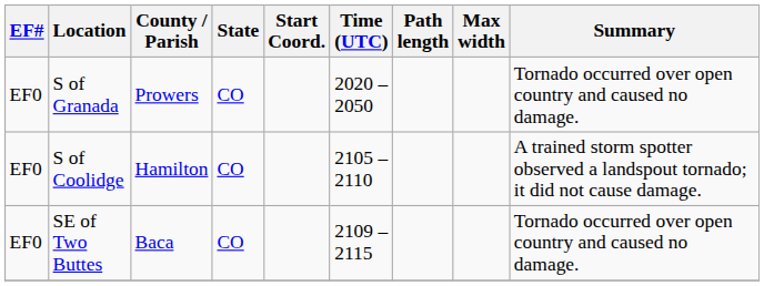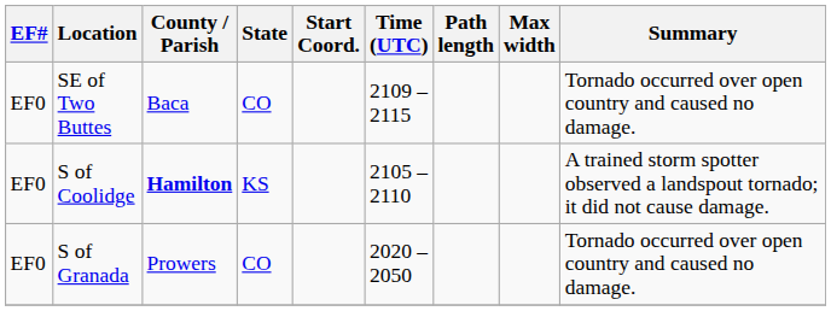 <table class="wikitable sortable" style="width:100%;">
 <tr>
 <th scope="col" width="3%" align="center"><a href='#'>EF#</a></th>
 <th scope="col" width="7%" align="center" class="unsortable">Location</th>
 <th scope="col" width="6%" align="center" class="unsortable">County / Parish</th>
 <th scope="col" width="5%" align="center">State</th>
 <th scope="col" width="6%" align="center">Start Coord.</th>
 <th scope="col" width="6%" align="center">Time (<a href='#'>UTC</a>)</th>
 <th scope="col" width="6%" align="center">Path length</th>
 <th scope="col" width="6%" align="center">Max width</th>
 <th scope="col" width="48%" class="unsortable" align="center">Summary</th>
 </tr>
 <tr>
 <td>EF0</td>
+<td>SE of <a href='#'>Two Buttes</a></td>
+<td><a href='#'>Baca</a></td>
+<td><a href='#'>CO</a></td>
+<td></td>
+<td>2109 – 2115</td>
+<td></td>
+<td></td>
+<td>Tornado occurred over open country and caused no damage.</td>
+</tr>
+<tr>
+<td>EF0</td>
+<td>S of <a href='#'>Coolidge</a></td>
+<td><strong><a href='#'>Hamilton</a></strong></td>
+<td><a href='#'>KS</a></td>
+<td></td>
+<td>2105 – 2110</td>
+<td></td>
+<td></td>
+<td>A trained storm spotter observed a landspout tornado; it did not cause damage.</td>
+</tr>
+<tr>
+<td>EF0</td>
 <td>S of <a href='#'>Granada</a></td>
 <td><a href='#'>Prowers</a></td>
 <td><a href='#'>CO</a></td>
 <td></td>
 <td>2020 – 2050</td>
 <td></td>
 <td></td>
 <td>Tornado occurred over open country and caused no damage.</td>
 </tr>
 <tr>
-<td>EF0</td>
-<td>S of <a href='#'>Coolidge</a></td>
-<td><a href='#'>Hamilton</a></td>
-<td><a href='#'>CO</a></td>
-<td></td>
-<td>2105 – 2110</td>
-<td></td>
-<td></td>
-<td>A trained storm spotter observed a landspout tornado; it did not cause damage.</td>
-</tr>
-<tr>
-<td>EF0</td>
-<td>SE of <a href='#'>Two Buttes</a></td>
-<td><a href='#'>Baca</a></td>
-<td><a href='#'>CO</a></td>
-<td></td>
-<td>2109 – 2115</td>
-<td></td>
-<td></td>
-<td>Tornado occurred over open country and caused no damage.</td>
-</tr>
-<tr>
 </tr>
 </table>
